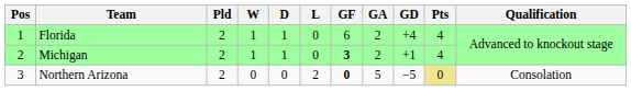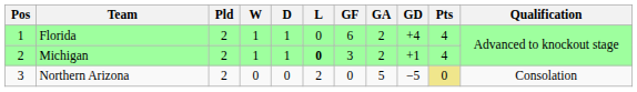 <table class="wikitable" style="text-align:center; margin: 1em auto">
 <tr>
 <th style="width:2em">Pos</th>
 <th style="width:13em">Team</th>
 <th style="width:2em">Pld</th>
 <th style="width:2em">W</th>
 <th style="width:2em">D</th>
 <th style="width:2em">L</th>
 <th style="width:2em">GF</th>
 <th style="width:2em">GA</th>
 <th style="width:2em">GD</th>
 <th style="width:2em">Pts</th>
 <th style="width:13em">Qualification</th>
 </tr>
 <tr bgcolor="#9eff9e">
 <td>1</td>
 <td style="text-align:left">Florida</td>
 <td>2</td>
 <td>1</td>
 <td>1</td>
 <td>0</td>
 <td>6</td>
 <td>2</td>
 <td>+4</td>
 <td>4</td>
 <td rowspan="2">Advanced to knockout stage</td>
 </tr>
 <tr bgcolor="#9eff9e">
 <td>2</td>
 <td style="text-align:left">Michigan</td>
 <td>2</td>
 <td>1</td>
 <td>1</td>
-<td>0</td>
-<td><strong>3</strong></td>
+<td><strong>0</strong></td>
+<td>3</td>
 <td>2</td>
 <td>+1</td>
 <td>4</td>
 </tr>
 <tr>
 <td>3</td>
 <td style="text-align:left">Northern Arizona</td>
 <td>2</td>
 <td>0</td>
 <td>0</td>
 <td>2</td>
-<td><strong>0</strong></td>
+<td>0</td>
 <td>5</td>
 <td>−5</td>
 <td style="background: khaki;">0</td>
 <td>Consolation</td>
 </tr>
 </table>
